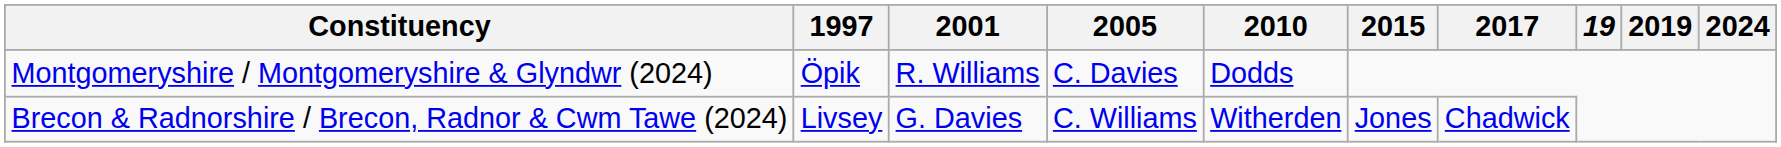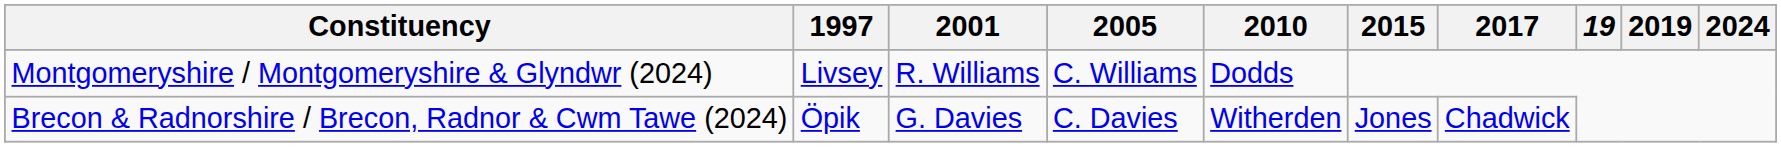 <table class="wikitable">
 <tr>
 <th>Constituency</th>
 <th>1997</th>
 <th>2001</th>
 <th>2005</th>
 <th>2010</th>
 <th>2015</th>
 <th>2017</th>
 <th><em>19</em></th>
 <th>2019</th>
 <th>2024</th>
 </tr>
 <tr>
 <td><a href='#'>Montgomeryshire</a> / <a href='#'>Montgomeryshire & Glyndwr</a> (2024)</td>
-<td><a href='#'>Öpik</a></td>
+<td><a href='#'>Livsey</a></td>
 <td><a href='#'>R. Williams</a></td>
-<td><a href='#'>C. Davies</a></td>
+<td><a href='#'>C. Williams</a></td>
 <td><a href='#'>Dodds</a></td>
 </tr>
 <tr>
 <td><a href='#'>Brecon & Radnorshire</a> / <a href='#'>Brecon, Radnor & Cwm Tawe</a> (2024)</td>
-<td><a href='#'>Livsey</a></td>
+<td><a href='#'>Öpik</a></td>
 <td><a href='#'>G. Davies</a></td>
-<td><a href='#'>C. Williams</a></td>
+<td><a href='#'>C. Davies</a></td>
 <td><a href='#'>Witherden</a></td>
 <td><a href='#'>Jones</a></td>
 <td><a href='#'>Chadwick</a></td>
 </tr>
 </table>
